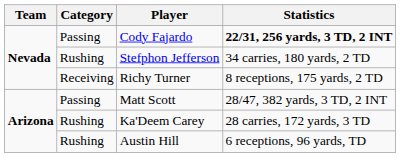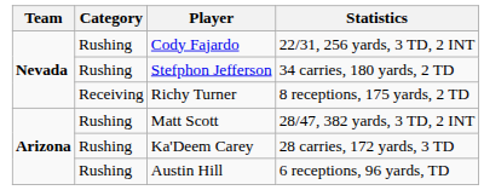 <table class="wikitable" style="float: right;">
 <tr>
 <th>Team</th>
 <th>Category</th>
 <th>Player</th>
 <th>Statistics</th>
 </tr>
 <tr>
 <td rowspan=3><strong>Nevada</strong></td>
-<td>Passing</td>
+<td>Rushing</td>
 <td><a href='#'>Cody Fajardo</a></td>
-<td><strong>22/31, 256 yards, 3 TD, 2 INT</strong></td>
+<td>22/31, 256 yards, 3 TD, 2 INT</td>
 </tr>
 <tr>
 <td>Rushing</td>
 <td><a href='#'>Stefphon Jefferson</a></td>
 <td>34 carries, 180 yards, 2 TD</td>
 </tr>
 <tr>
 <td>Receiving</td>
 <td>Richy Turner</td>
 <td>8 receptions, 175 yards, 2 TD</td>
 </tr>
 <tr>
 <td rowspan=3><strong>Arizona</strong></td>
-<td>Passing</td>
+<td>Rushing</td>
 <td>Matt Scott</td>
 <td>28/47, 382 yards, 3 TD, 2 INT</td>
 </tr>
 <tr>
 <td>Rushing</td>
 <td>Ka'Deem Carey</td>
 <td>28 carries, 172 yards, 3 TD</td>
 </tr>
 <tr>
 <td>Rushing</td>
 <td>Austin Hill</td>
 <td>6 receptions, 96 yards, TD</td>
 </tr>
 </table>
